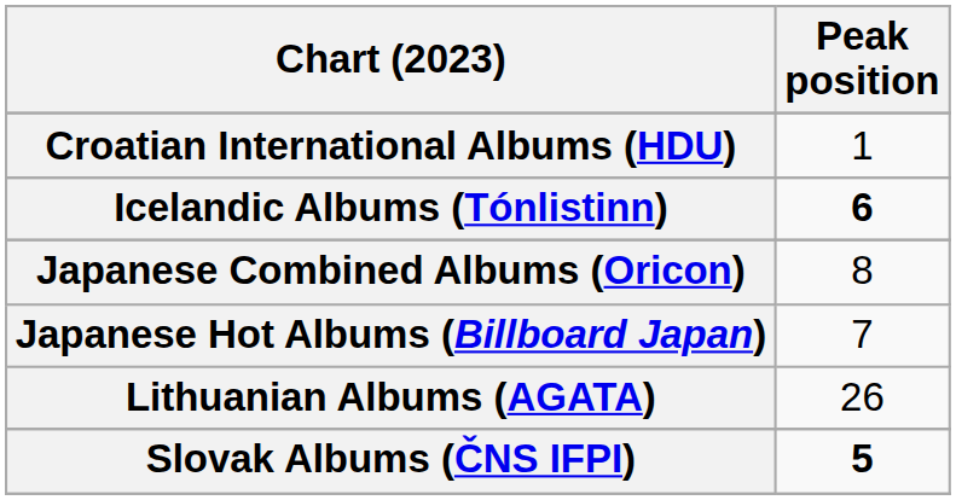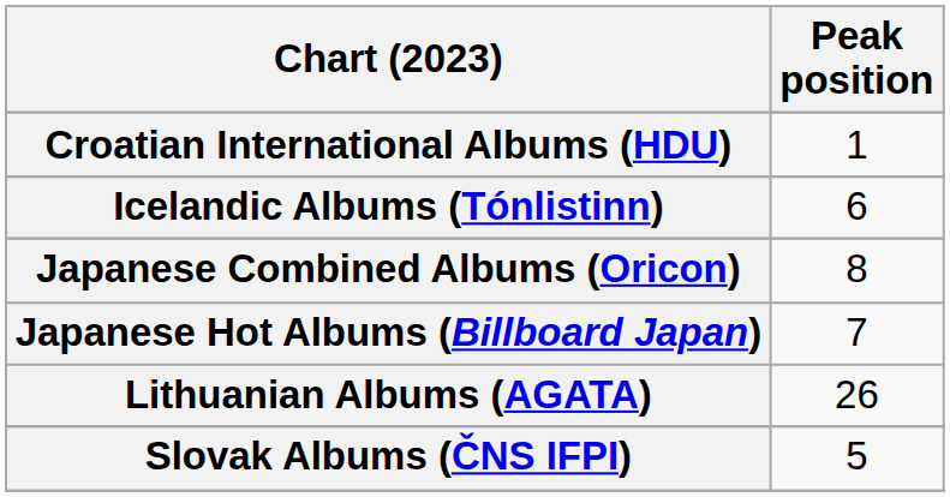 <table class="wikitable sortable plainrowheaders" style="text-align:center">
 <tr>
 <th scope="col">Chart (2023)</th>
 <th scope="col">Peak<br>position</th>
 </tr>
 <tr>
 </tr>
 <tr>
 </tr>
 <tr>
 </tr>
 <tr>
 </tr>
 <tr>
 </tr>
 <tr>
 <th scope="row">Croatian International Albums (<a href='#'>HDU</a>)</th>
 <td>1</td>
 </tr>
 <tr>
 </tr>
 <tr>
 </tr>
 <tr>
 </tr>
 <tr>
 </tr>
 <tr>
 </tr>
 <tr>
 </tr>
 <tr>
 </tr>
 <tr>
 <th scope="row">Icelandic Albums (<a href='#'>Tónlistinn</a>)</th>
-<td><strong>6</strong></td>
+<td>6</td>
 </tr>
 <tr>
 </tr>
 <tr>
 </tr>
 <tr>
 </tr>
 <tr>
 </tr>
 <tr>
 <th scope="row">Japanese Combined Albums (<a href='#'>Oricon</a>)</th>
 <td>8</td>
 </tr>
 <tr>
 <th scope="row">Japanese Hot Albums (<em><a href='#'>Billboard Japan</a></em>)</th>
 <td>7</td>
 </tr>
 <tr>
 <th scope="row">Lithuanian Albums (<a href='#'>AGATA</a>)</th>
 <td>26</td>
 </tr>
 <tr>
 </tr>
 <tr>
 </tr>
 <tr>
 </tr>
 <tr>
 </tr>
 <tr>
 </tr>
 <tr>
 <th scope="row">Slovak Albums (<a href='#'>ČNS IFPI</a>)</th>
-<td><strong>5</strong></td>
+<td>5</td>
 </tr>
 <tr>
 </tr>
 <tr>
 </tr>
 <tr>
 </tr>
 <tr>
 </tr>
 <tr>
 </tr>
 </table>
